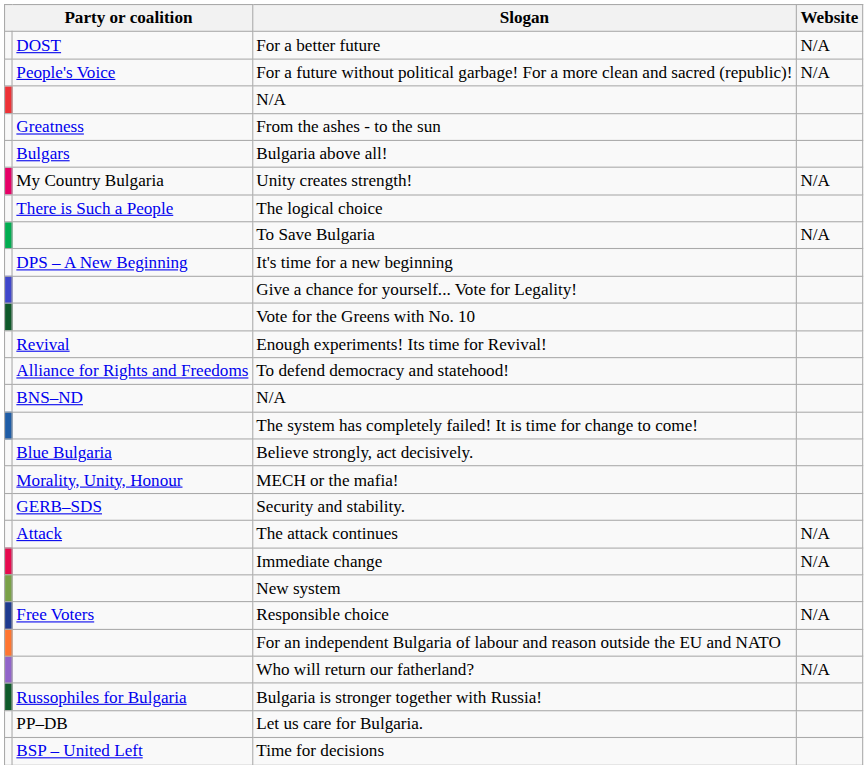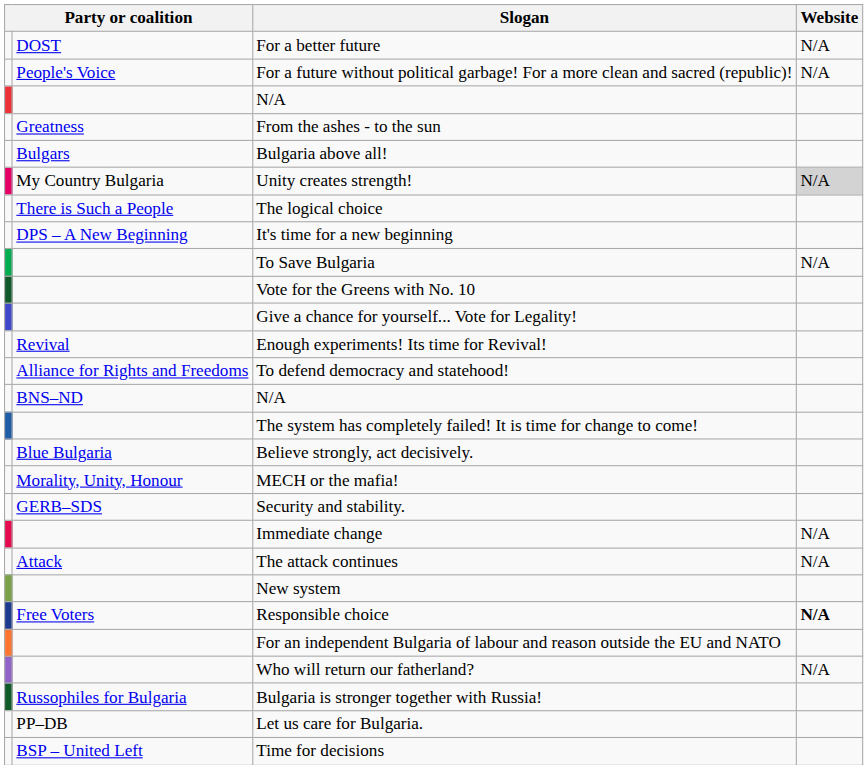 <table class="wikitable">
 <tr>
 <th colspan="2">Party or coalition</th>
 <th>Slogan</th>
 <th>Website</th>
 </tr>
 <tr>
 <td style="background:"></td>
 <td><a href='#'>DOST</a></td>
 <td>For a better future</td>
 <td>N/A</td>
 </tr>
 <tr>
 <td style="background:"></td>
 <td><a href='#'>People's Voice</a></td>
 <td>For a future without political garbage! For a more clean and sacred (republic)!</td>
 <td>N/A</td>
 </tr>
 <tr>
 <td style="background:#ED3237"></td>
 <td></td>
 <td>N/A</td>
 <td></td>
 </tr>
 <tr>
 <td style="background:"></td>
 <td><a href='#'>Greatness</a></td>
 <td>From the ashes - to the sun</td>
 <td></td>
 </tr>
 <tr>
 <td style="background:"></td>
 <td><a href='#'>Bulgars</a></td>
 <td>Bulgaria above all!</td>
 <td></td>
 </tr>
 <tr>
 <td style="background:#e60167"></td>
 <td>My Country Bulgaria</td>
 <td>Unity creates strength!</td>
-<td>N/A</td>
+<td style="background: lightgrey;">N/A</td>
 </tr>
 <tr>
 <td style="background:"></td>
 <td><a href='#'>There is Such a People</a></td>
 <td>The logical choice</td>
+<td></td>
+</tr>
+<tr>
+<td style="background:"></td>
+<td><a href='#'>DPS – A New Beginning</a></td>
+<td>It's time for a new beginning</td>
 <td></td>
 </tr>
 <tr>
 <td style="background:#02AD51"></td>
 <td></td>
 <td>To Save Bulgaria</td>
 <td>N/A</td>
 </tr>
 <tr>
-<td style="background:"></td>
-<td><a href='#'>DPS – A New Beginning</a></td>
-<td>It's time for a new beginning</td>
+<td style="background:#0f592a"></td>
+<td></td>
+<td>Vote for the Greens with No. 10</td>
 <td></td>
 </tr>
 <tr>
 <td style="background:#4047CB"></td>
 <td></td>
 <td>Give a chance for yourself... Vote for Legality!</td>
-<td></td>
-</tr>
-<tr>
-<td style="background:#0f592a"></td>
-<td></td>
-<td>Vote for the Greens with No. 10</td>
 <td></td>
 </tr>
 <tr>
 <td style="background:"></td>
 <td><a href='#'>Revival</a></td>
 <td>Enough experiments! Its time for Revival!</td>
 <td></td>
 </tr>
 <tr>
 <td style="background:"></td>
 <td><a href='#'>Alliance for Rights and Freedoms</a></td>
 <td>To defend democracy and statehood!</td>
 <td></td>
 </tr>
 <tr>
 <td style="background:"></td>
 <td><a href='#'>BNS–ND</a></td>
 <td>N/A</td>
 <td></td>
 </tr>
 <tr>
 <td style="background:#1F5DA6"></td>
 <td></td>
 <td>The system has completely failed! It is time for change to come!</td>
 <td></td>
 </tr>
 <tr>
 <td style="background:"></td>
 <td><a href='#'>Blue Bulgaria</a></td>
 <td>Believe strongly, act decisively.</td>
 <td></td>
 </tr>
 <tr>
 <td style="background:"></td>
 <td><a href='#'>Morality, Unity, Honour</a></td>
 <td>MECH or the mafia!</td>
 <td></td>
 </tr>
 <tr>
 <td style="background:"></td>
 <td><a href='#'>GERB–SDS</a></td>
 <td>Security and stability.</td>
 <td></td>
 </tr>
 <tr>
+<td style="background:#E60B4F"></td>
+<td></td>
+<td>Immediate change</td>
+<td>N/A</td>
+</tr>
+<tr>
 <td style="background:"></td>
 <td><a href='#'>Attack</a></td>
 <td>The attack continues</td>
-<td>N/A</td>
-</tr>
-<tr>
-<td style="background:#E60B4F"></td>
-<td></td>
-<td>Immediate change</td>
 <td>N/A</td>
 </tr>
 <tr>
 <td style="background:#7aa148"></td>
 <td></td>
 <td>New system</td>
 <td></td>
 </tr>
 <tr>
 <td style="background:#1e3a8f"></td>
 <td><a href='#'>Free Voters</a></td>
 <td>Responsible choice</td>
-<td>N/A</td>
+<td><strong>N/A</strong></td>
 </tr>
 <tr>
 <td style="background:#FF7530"></td>
 <td></td>
 <td>For an independent Bulgaria of labour and reason outside the EU and NATO</td>
 <td></td>
 </tr>
 <tr>
 <td style="background:#9164C9"></td>
 <td></td>
 <td>Who will return our fatherland?</td>
 <td>N/A</td>
 </tr>
 <tr>
 <td style="background:#0f5b2a"></td>
 <td><a href='#'>Russophiles for Bulgaria</a></td>
 <td>Bulgaria is stronger together with Russia!</td>
 <td></td>
 </tr>
 <tr>
 <td style="background:"></td>
 <td>PP–DB</td>
 <td>Let us care for Bulgaria.</td>
 <td></td>
 </tr>
 <tr>
 <td style="background:"></td>
 <td><a href='#'>BSP – United Left</a></td>
 <td>Time for decisions</td>
 <td></td>
 </tr>
 </table>
